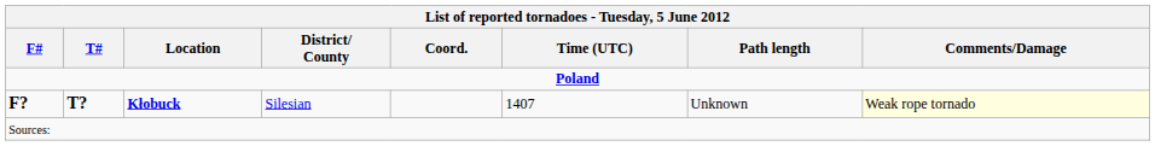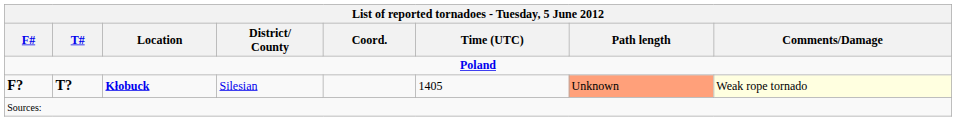 <table class="wikitable collapsible" width="100%">
 <tr>
 <th colspan="8">List of reported tornadoes - Tuesday, 5 June 2012</th>
 </tr>
 <tr>
 <th><a href='#'>F#</a></th>
 <th><a href='#'>T#</a></th>
 <th>Location</th>
 <th>District/<br>County</th>
 <th>Coord.</th>
 <th>Time (UTC)</th>
 <th>Path length</th>
 <th>Comments/Damage</th>
 </tr>
 <tr>
 <td colspan="8" align=center><strong><a href='#'>Poland</a></strong></td>
 </tr>
 <tr>
 <td><big><strong>F?</strong></big></td>
 <td><big><strong>T?</strong></big></td>
 <td><strong><a href='#'>Kłobuck</a></strong></td>
 <td><a href='#'>Silesian</a></td>
 <td></td>
-<td>1407</td>
-<td>Unknown</td>
+<td>1405</td>
+<td style="background: lightsalmon;">Unknown</td>
 <td style="background: lightyellow;">Weak rope tornado</td>
 </tr>
 <tr>
 <td colspan="8"><small>Sources:  </small></td>
 </tr>
 </table>
